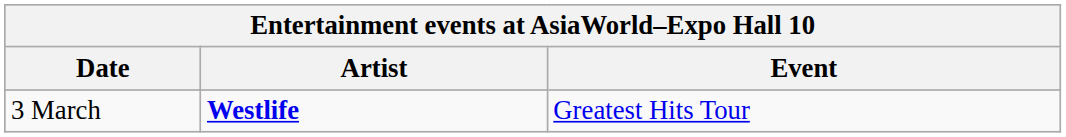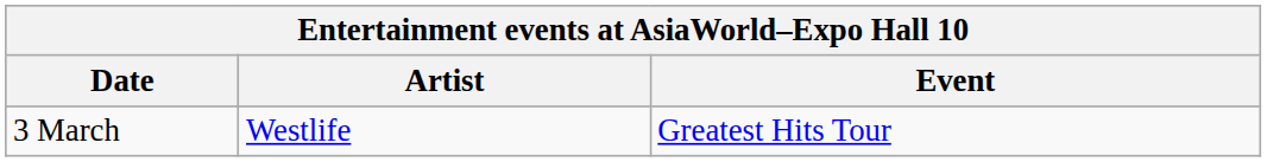 <table class="wikitable">
 <tr>
 <th colspan="3">Entertainment events at AsiaWorld–Expo Hall 10</th>
 </tr>
 <tr>
 <th width=110>Date</th>
 <th width=200>Artist</th>
 <th width=300>Event</th>
 </tr>
 <tr>
 <td>3 March</td>
-<td><strong><a href='#'>Westlife</a></strong></td>
+<td><a href='#'>Westlife</a></td>
 <td><a href='#'>Greatest Hits Tour</a></td>
 </tr>
 </table>
